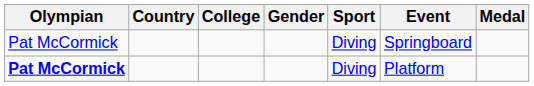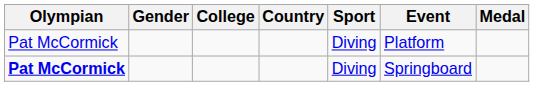 <table class="wikitable">
 <tr>
 <th>Olympian</th>
+<th>Gender</th>
+<th>College</th>
 <th>Country</th>
-<th>College</th>
-<th>Gender</th>
 <th>Sport</th>
 <th>Event</th>
 <th>Medal</th>
 </tr>
 <tr>
 <td><a href='#'>Pat McCormick</a></td>
 <td></td>
 <td></td>
 <td></td>
 <td><a href='#'>Diving</a></td>
-<td><a href='#'>Springboard</a></td>
+<td><a href='#'>Platform</a></td>
 <td></td>
 </tr>
 <tr>
 <td><strong><a href='#'>Pat McCormick</a></strong></td>
 <td></td>
 <td></td>
 <td></td>
 <td><a href='#'>Diving</a></td>
-<td><a href='#'>Platform</a></td>
+<td><a href='#'>Springboard</a></td>
 <td></td>
 </tr>
 </table>
